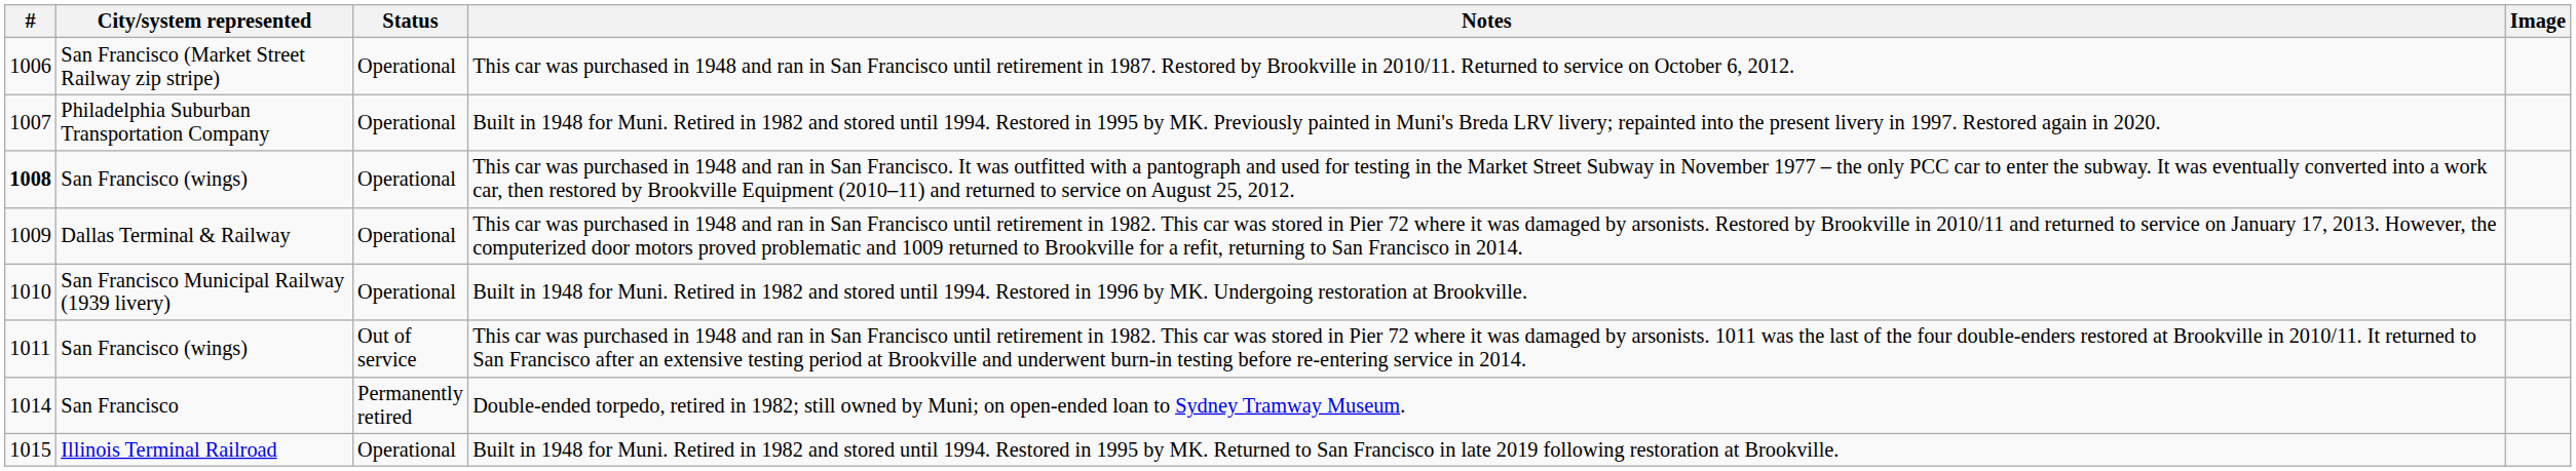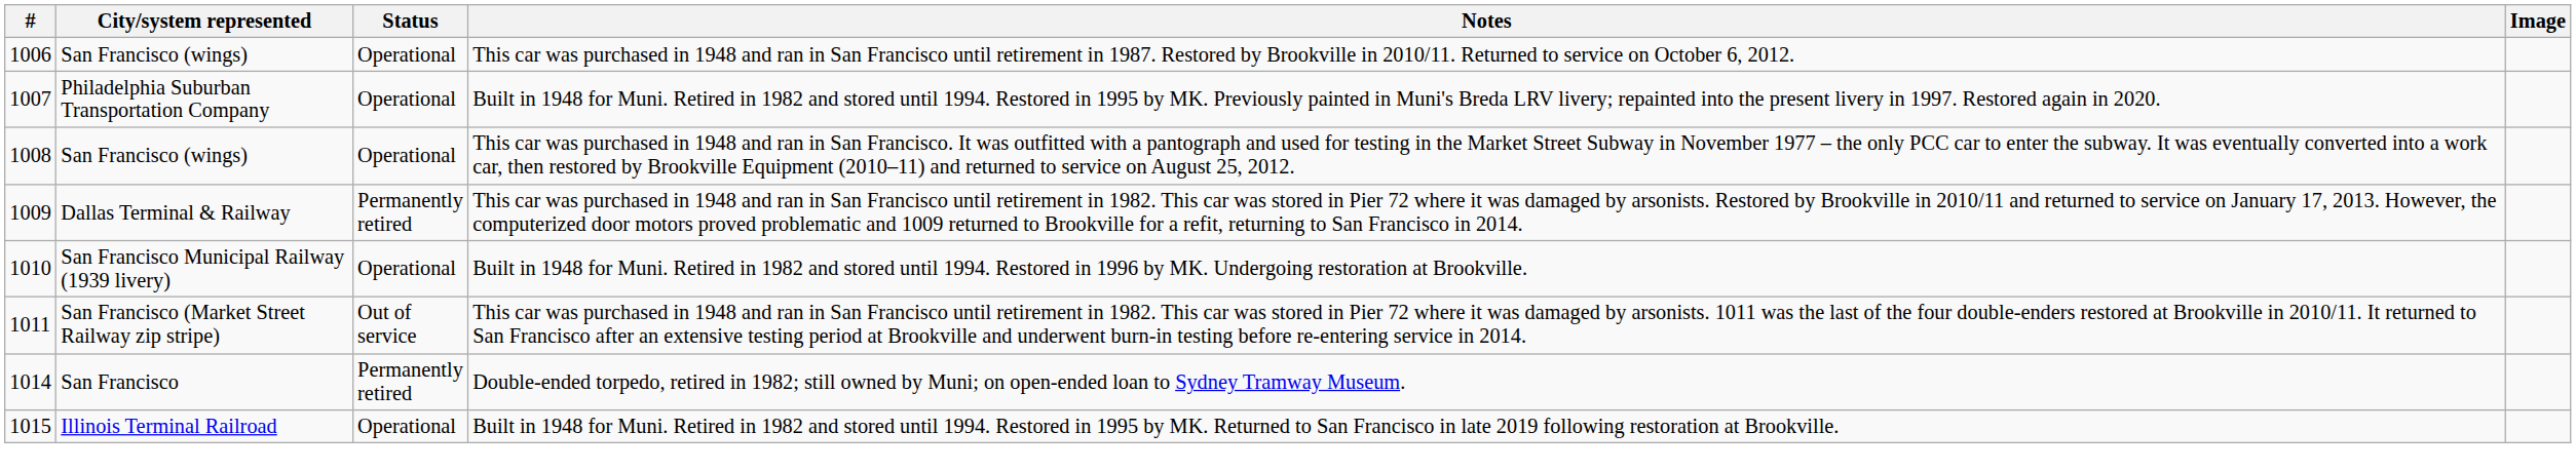 <table class="wikitable sticky-header">
 <tr>
 <th>#</th>
 <th width="220">City/system represented</th>
 <th width="60">Status</th>
 <th>Notes</th>
 <th>Image</th>
 </tr>
 <tr>
 <td>1006</td>
-<td>San Francisco (Market Street Railway zip stripe)</td>
+<td>San Francisco (wings)</td>
 <td>Operational</td>
 <td>This car was purchased in 1948 and ran in San Francisco until retirement in 1987. Restored by Brookville in 2010/11. Returned to service on October 6, 2012.</td>
 <td></td>
 </tr>
 <tr>
 <td>1007</td>
 <td>Philadelphia Suburban Transportation Company</td>
 <td>Operational</td>
 <td>Built in 1948 for Muni. Retired in 1982 and stored until 1994. Restored in 1995 by MK. Previously painted in Muni's Breda LRV livery; repainted into the present livery in 1997. Restored again in 2020.</td>
 <td></td>
 </tr>
 <tr>
-<td><strong>1008</strong></td>
+<td>1008</td>
 <td>San Francisco (wings)</td>
 <td>Operational</td>
 <td>This car was purchased in 1948 and ran in San Francisco. It was outfitted with a pantograph and used for testing in the Market Street Subway in November 1977 – the only PCC car to enter the subway. It was eventually converted into a work car, then restored by Brookville Equipment (2010–11) and returned to service on August 25, 2012.</td>
 <td></td>
 </tr>
 <tr>
 <td>1009</td>
 <td>Dallas Terminal & Railway</td>
-<td>Operational</td>
+<td>Permanently retired</td>
 <td>This car was purchased in 1948 and ran in San Francisco until retirement in 1982. This car was stored in Pier 72 where it was damaged by arsonists. Restored by Brookville in 2010/11 and returned to service on January 17, 2013. However, the computerized door motors proved problematic and 1009 returned to Brookville for a refit, returning to San Francisco in 2014.</td>
 <td></td>
 </tr>
 <tr>
 <td>1010</td>
 <td>San Francisco Municipal Railway<br>(1939 livery)</td>
 <td>Operational</td>
 <td>Built in 1948 for Muni. Retired in 1982 and stored until 1994. Restored in 1996 by MK. Undergoing restoration at Brookville.</td>
 <td></td>
 </tr>
 <tr>
 <td>1011</td>
-<td>San Francisco (wings)</td>
+<td>San Francisco (Market Street Railway zip stripe)</td>
 <td>Out of service</td>
 <td>This car was purchased in 1948 and ran in San Francisco until retirement in 1982. This car was stored in Pier 72 where it was damaged by arsonists. 1011 was the last of the four double-enders restored at Brookville in 2010/11. It returned to San Francisco after an extensive testing period at Brookville and underwent burn-in testing before re-entering service in 2014.</td>
 <td></td>
 </tr>
 <tr>
 <td>1014</td>
 <td>San Francisco</td>
 <td>Permanently retired</td>
 <td>Double-ended torpedo, retired in 1982; still owned by Muni; on open-ended loan to <a href='#'>Sydney Tramway Museum</a>.</td>
 <td></td>
 </tr>
 <tr>
 <td>1015</td>
 <td><a href='#'>Illinois Terminal Railroad</a></td>
 <td>Operational</td>
 <td>Built in 1948 for Muni. Retired in 1982 and stored until 1994. Restored in 1995 by MK. Returned to San Francisco in late 2019 following restoration at Brookville.</td>
 <td></td>
 </tr>
 </table>
